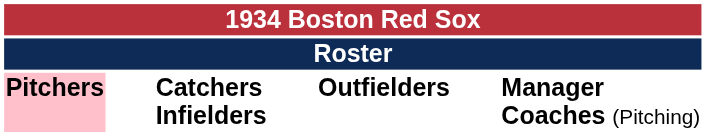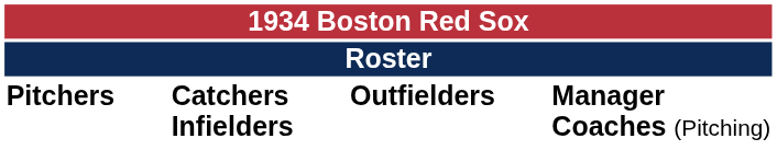 <table class="toccolours" style="text-align: left;">
 <tr>
 <th colspan="10" style="background-color: #ba313c; color: white; text-align: center;">1934 Boston Red Sox</th>
 </tr>
 <tr>
 <td colspan="10" style="background-color: #0d2b56; color: white; text-align: center;"><strong>Roster</strong></td>
 </tr>
 <tr>
-<td valign="top" style="background: pink;"><strong>Pitchers</strong><br>            </td>
+<td valign="top"><strong>Pitchers</strong><br>            </td>
 <td width="25px"></td>
 <td valign="top"><strong>Catchers</strong><br>   <strong>Infielders</strong>          </td>
 <td width="25px"></td>
 <td valign="top"><strong>Outfielders</strong><br>       </td>
 <td width="25px"></td>
 <td valign="top"><strong>Manager</strong><br> <strong>Coaches</strong>    <small>(Pitching)</small></td>
 </tr>
 <tr>
 </tr>
 </table>
